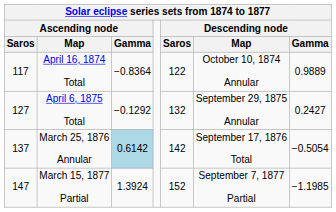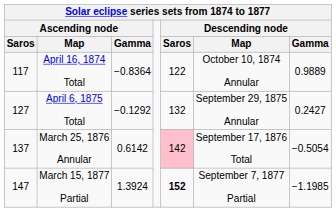 <table class="wikitable mw-collapsible mw-collapsed">
 <tr>
 <th class="nowrap" colspan="7"><a href='#'>Solar eclipse</a> series sets from 1874 to 1877</th>
 </tr>
 <tr>
 <th scope="col" colspan="3">Ascending node</th>
 <td rowspan="6"> </td>
 <th scope="col" colspan="3">Descending node</th>
 </tr>
 <tr style="text-align: center;">
 <th scope="col">Saros</th>
 <th scope="col">Map</th>
 <th scope="col">Gamma</th>
 <th scope="col">Saros</th>
 <th scope="col">Map</th>
 <th scope="col">Gamma</th>
 </tr>
 <tr style="text-align: center;">
 <td>117</td>
 <td><a href='#'>April 16, 1874</a><br><br>Total</td>
 <td>−0.8364</td>
 <td>122</td>
 <td>October 10, 1874<br><br>Annular</td>
 <td>0.9889</td>
 </tr>
 <tr style="text-align: center;">
 <td>127</td>
 <td><a href='#'>April 6, 1875</a><br><br>Total</td>
 <td>−0.1292</td>
 <td>132</td>
 <td>September 29, 1875<br><br>Annular</td>
 <td>0.2427</td>
 </tr>
 <tr style="text-align: center;">
 <td>137</td>
 <td>March 25, 1876<br><br>Annular</td>
-<td style="background: lightblue;">0.6142</td>
-<td>142</td>
+<td>0.6142</td>
+<td style="background: pink;">142</td>
 <td>September 17, 1876<br><br>Total</td>
 <td>−0.5054</td>
 </tr>
 <tr style="text-align: center;">
 <td>147</td>
 <td>March 15, 1877<br><br>Partial</td>
 <td>1.3924</td>
-<td>152</td>
+<td><strong>152</strong></td>
 <td>September 7, 1877<br><br>Partial</td>
 <td>−1.1985</td>
 </tr>
 </table>
